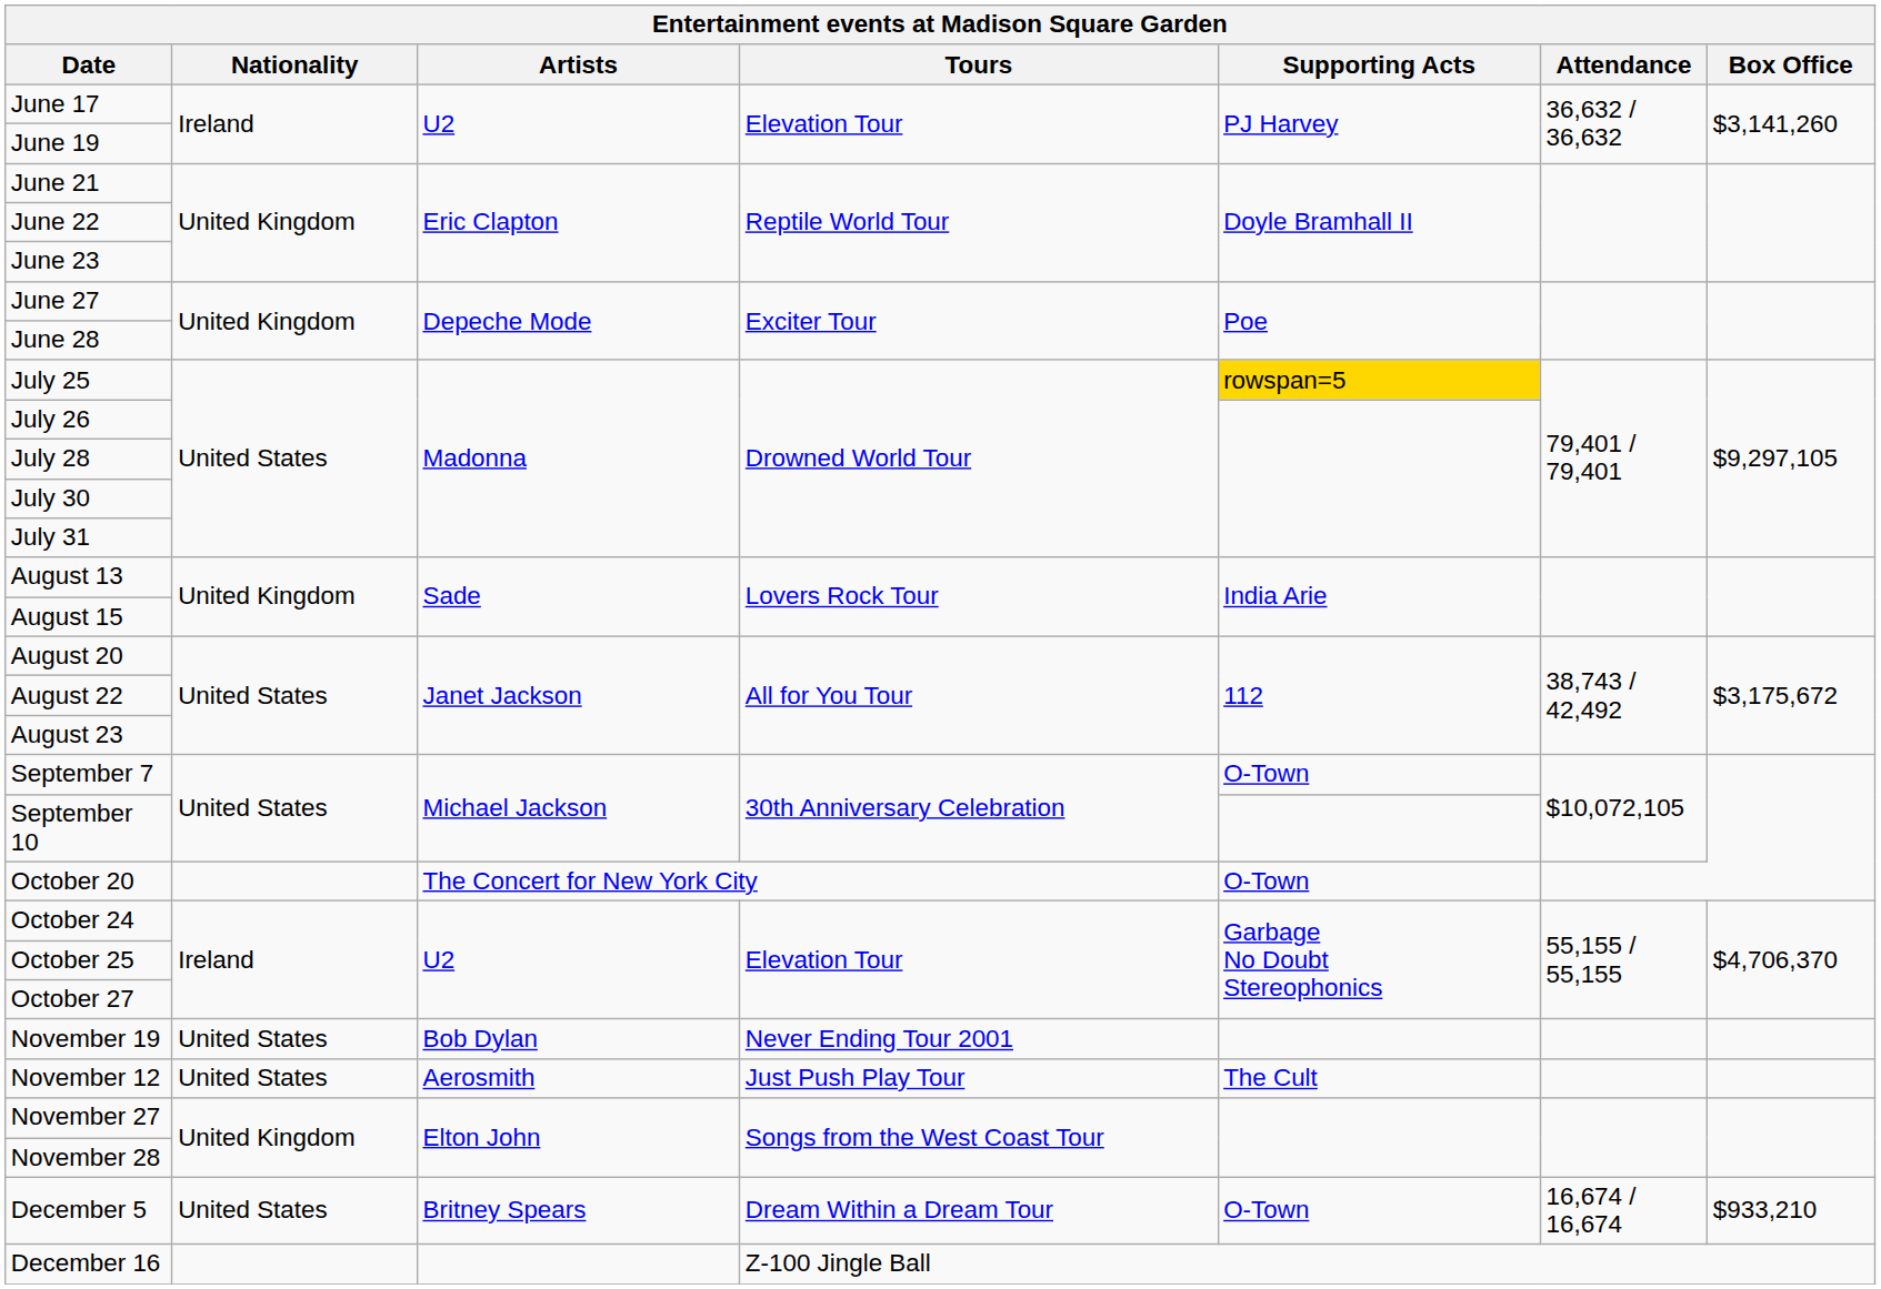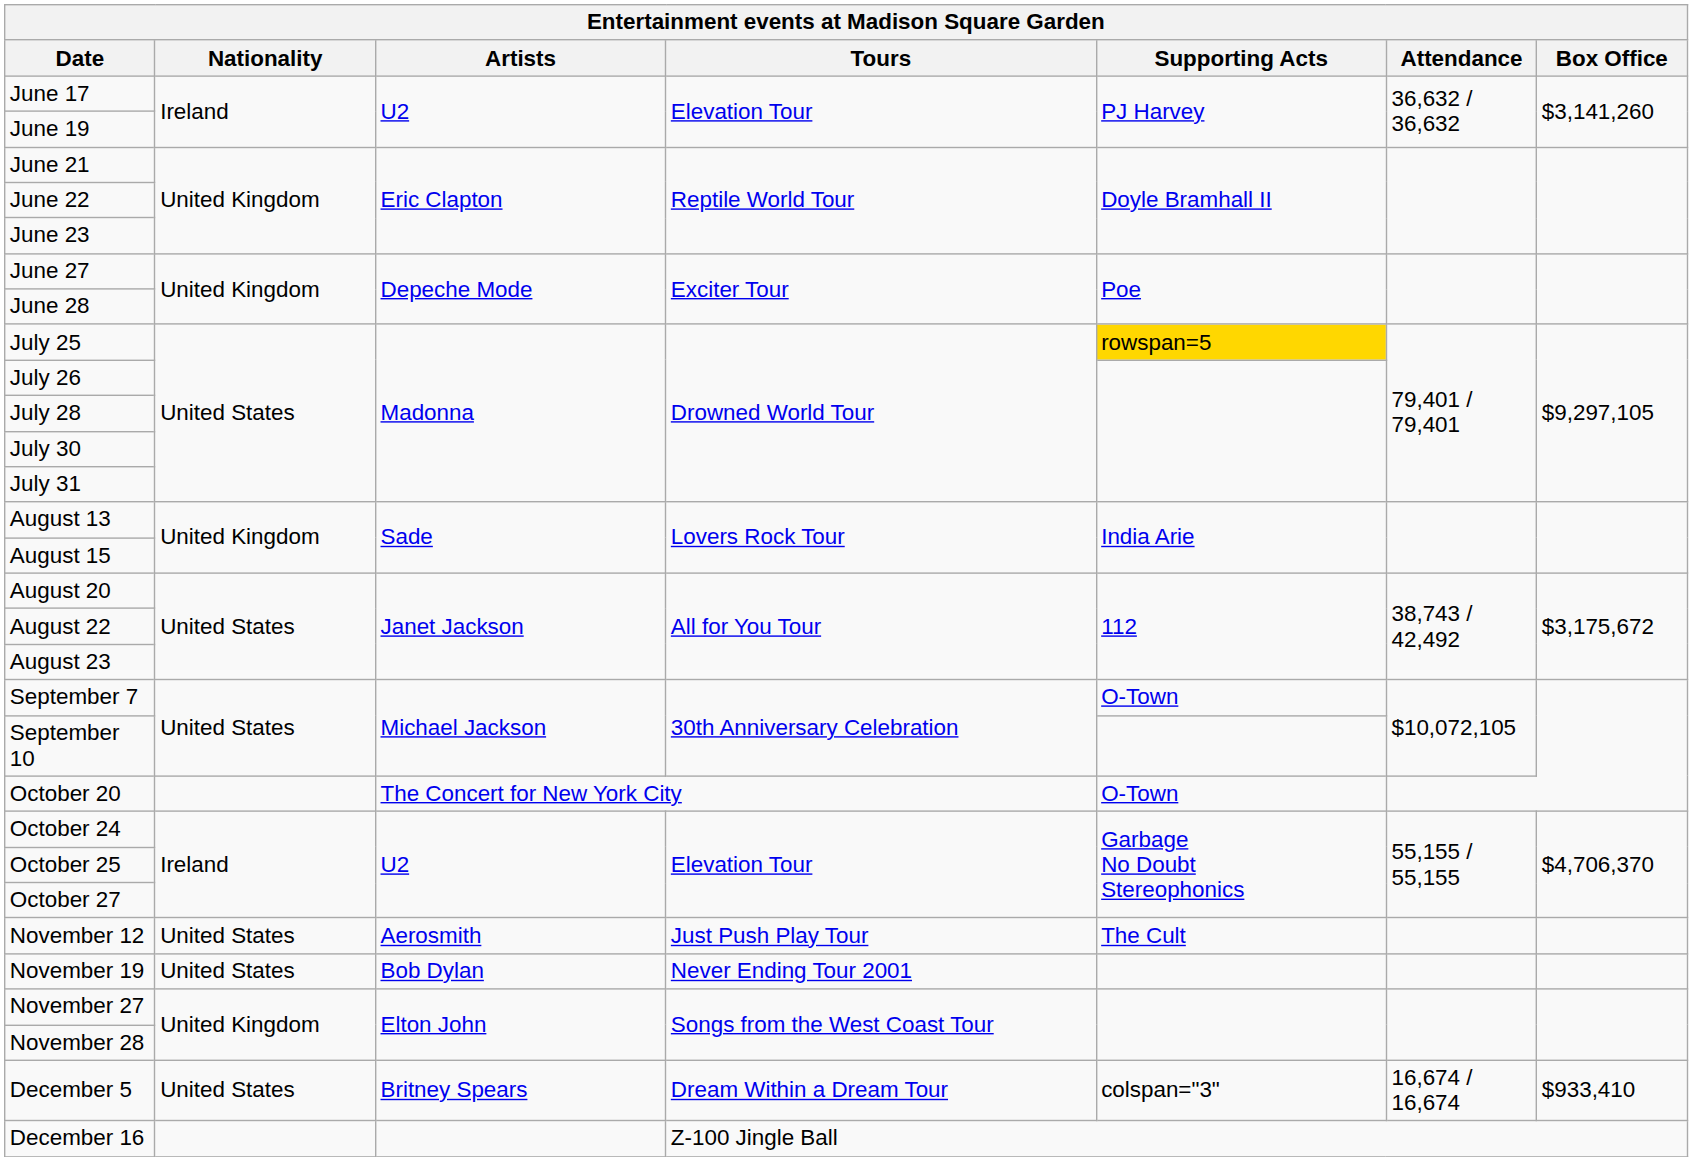 <table class="wikitable">
 <tr>
 <th colspan="7">Entertainment events at Madison Square Garden</th>
 </tr>
 <tr>
 <th width=100>Date</th>
 <th width=150>Nationality</th>
 <th width=200>Artists</th>
 <th width=300>Tours</th>
 <th width=200>Supporting Acts</th>
 <th width=100>Attendance</th>
 <th width=100>Box Office</th>
 </tr>
 <tr>
 <td>June 17</td>
 <td rowspan=2>Ireland</td>
 <td rowspan=2><a href='#'>U2</a></td>
 <td rowspan=2><a href='#'>Elevation Tour</a></td>
 <td rowspan=2><a href='#'>PJ Harvey</a></td>
 <td rowspan=2>36,632 / 36,632</td>
 <td rowspan=2>$3,141,260</td>
 </tr>
 <tr>
 <td>June 19</td>
 </tr>
 <tr>
 <td>June 21</td>
 <td rowspan=3>United Kingdom</td>
 <td rowspan=3><a href='#'>Eric Clapton</a></td>
 <td rowspan=3><a href='#'>Reptile World Tour</a></td>
 <td rowspan=3><a href='#'>Doyle Bramhall II</a></td>
 <td rowspan=3></td>
 <td rowspan=3></td>
 </tr>
 <tr>
 <td>June 22</td>
 </tr>
 <tr>
 <td>June 23</td>
 </tr>
 <tr>
 <td>June 27</td>
 <td rowspan=2>United Kingdom</td>
 <td rowspan=2><a href='#'>Depeche Mode</a></td>
 <td rowspan=2><a href='#'>Exciter Tour</a></td>
 <td rowspan=2><a href='#'>Poe</a></td>
 <td rowspan=2></td>
 <td rowspan=2></td>
 </tr>
 <tr>
 <td>June 28</td>
 </tr>
 <tr>
 <td>July 25</td>
 <td rowspan=5>United States</td>
 <td rowspan=5><a href='#'>Madonna</a></td>
 <td rowspan=5><a href='#'>Drowned World Tour</a></td>
 <td style="background: gold;">rowspan=5 </td>
 <td rowspan=5>79,401 / 79,401</td>
 <td rowspan=5>$9,297,105</td>
 </tr>
 <tr>
 <td>July 26</td>
 </tr>
 <tr>
 <td>July 28</td>
 </tr>
 <tr>
 <td>July 30</td>
 </tr>
 <tr>
 <td>July 31</td>
 </tr>
 <tr>
 <td>August 13</td>
 <td rowspan=2>United Kingdom</td>
 <td rowspan=2><a href='#'>Sade</a></td>
 <td rowspan=2><a href='#'>Lovers Rock Tour</a></td>
 <td rowspan=2><a href='#'>India Arie</a></td>
 <td rowspan=2></td>
 <td rowspan=2></td>
 </tr>
 <tr>
 <td>August 15</td>
 </tr>
 <tr>
 <td>August 20</td>
 <td rowspan=3>United States</td>
 <td rowspan=3><a href='#'>Janet Jackson</a></td>
 <td rowspan=3><a href='#'>All for You Tour</a></td>
 <td rowspan=3><a href='#'>112</a></td>
 <td rowspan=3>38,743 / 42,492</td>
 <td rowspan=3>$3,175,672</td>
 </tr>
 <tr>
 <td>August 22</td>
 </tr>
 <tr>
 <td>August 23</td>
 </tr>
 <tr>
 <td>September 7</td>
 <td rowspan=2>United States</td>
 <td rowspan=2><a href='#'>Michael Jackson</a></td>
 <td rowspan=2><a href='#'>30th Anniversary Celebration</a></td>
 <td><a href='#'>O-Town</a></td>
 <td rowspan=2>$10,072,105</td>
 </tr>
 <tr>
 <td>September 10</td>
 </tr>
 <tr>
 <td>October 20</td>
 <td></td>
 <td colspan="2"><a href='#'>The Concert for New York City</a></td>
 <td><a href='#'>O-Town</a></td>
 </tr>
 <tr>
 <td>October 24</td>
 <td rowspan=3>Ireland</td>
 <td rowspan=3><a href='#'>U2</a></td>
 <td rowspan=3><a href='#'>Elevation Tour</a></td>
 <td rowspan=3><a href='#'>Garbage</a><br><a href='#'>No Doubt</a><br><a href='#'>Stereophonics</a></td>
 <td rowspan=3>55,155 / 55,155</td>
 <td rowspan=3>$4,706,370</td>
 </tr>
 <tr>
 <td>October 25</td>
 </tr>
 <tr>
 <td>October 27</td>
 </tr>
 <tr>
+<td>November 12</td>
+<td>United States</td>
+<td><a href='#'>Aerosmith</a></td>
+<td><a href='#'>Just Push Play Tour</a></td>
+<td><a href='#'>The Cult</a></td>
+<td></td>
+<td></td>
+</tr>
+<tr>
 <td>November 19</td>
 <td>United States</td>
 <td><a href='#'>Bob Dylan</a></td>
 <td><a href='#'>Never Ending Tour 2001</a></td>
 <td></td>
-<td></td>
-<td></td>
-</tr>
-<tr>
-<td>November 12</td>
-<td>United States</td>
-<td><a href='#'>Aerosmith</a></td>
-<td><a href='#'>Just Push Play Tour</a></td>
-<td><a href='#'>The Cult</a></td>
 <td></td>
 <td></td>
 </tr>
 <tr>
 <td>November 27</td>
 <td rowspan=2>United Kingdom</td>
 <td rowspan=2><a href='#'>Elton John</a></td>
 <td rowspan=2><a href='#'>Songs from the West Coast Tour</a></td>
 <td rowspan=2></td>
 <td rowspan=2></td>
 <td rowspan=2></td>
 </tr>
 <tr>
 <td>November 28</td>
 </tr>
 <tr>
 <td>December 5</td>
 <td>United States</td>
 <td><a href='#'>Britney Spears</a></td>
 <td><a href='#'>Dream Within a Dream Tour</a></td>
-<td><a href='#'>O-Town</a></td>
+<td>colspan="3" </td>
 <td>16,674 / 16,674</td>
-<td>$933,210</td>
+<td>$933,410</td>
 </tr>
 <tr>
 <td>December 16</td>
 <td></td>
 <td></td>
 <td colspan="4">Z-100 Jingle Ball</td>
 </tr>
 </table>
